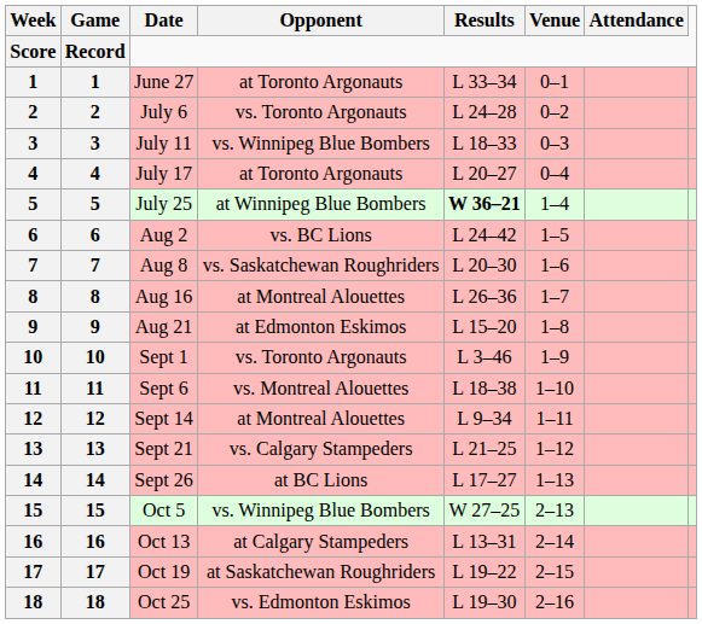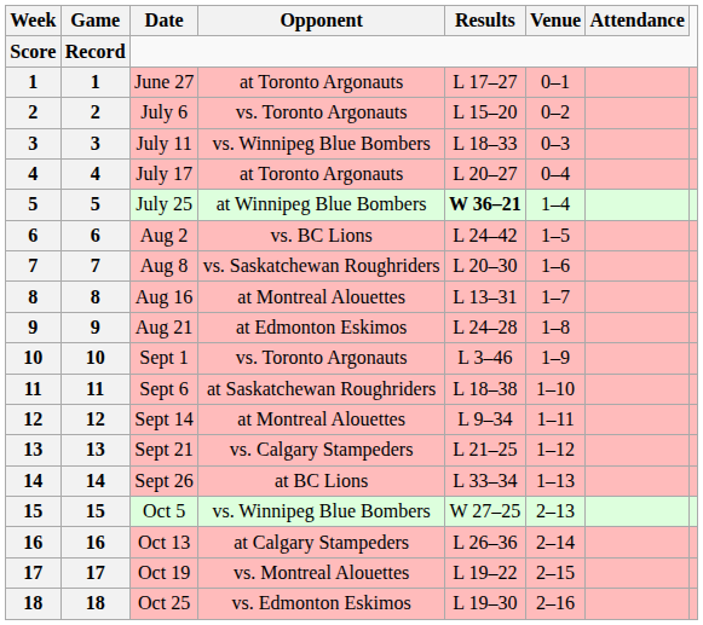 <table class="wikitable" style="text-align:center">
 <tr>
 <th>Week</th>
 <th>Game</th>
 <th>Date</th>
 <th>Opponent</th>
 <th>Results</th>
 <th>Venue</th>
 <th>Attendance</th>
 </tr>
 <tr>
 <th>Score</th>
 <th>Record</th>
 </tr>
 <tr style="background:#ffbbbb">
 <th>1</th>
 <th>1</th>
 <td>June 27</td>
 <td>at Toronto Argonauts</td>
-<td>L 33–34</td>
+<td>L 17–27</td>
 <td>0–1</td>
 <td></td>
 <td></td>
 </tr>
 <tr style="background:#ffbbbb">
 <th>2</th>
 <th>2</th>
 <td>July 6</td>
 <td>vs. Toronto Argonauts</td>
-<td>L 24–28</td>
+<td>L 15–20</td>
 <td>0–2</td>
 <td></td>
 <td></td>
 </tr>
 <tr style="background:#ffbbbb">
 <th>3</th>
 <th>3</th>
 <td>July 11</td>
 <td>vs. Winnipeg Blue Bombers</td>
 <td>L 18–33</td>
 <td>0–3</td>
 <td></td>
 <td></td>
 </tr>
 <tr style="background:#ffbbbb">
 <th>4</th>
 <th>4</th>
 <td>July 17</td>
 <td>at Toronto Argonauts</td>
 <td>L 20–27</td>
 <td>0–4</td>
 <td></td>
 <td></td>
 </tr>
 <tr style="background:#ddffdd">
 <th>5</th>
 <th>5</th>
 <td>July 25</td>
 <td>at Winnipeg Blue Bombers</td>
 <td><strong>W 36–21</strong></td>
 <td>1–4</td>
 <td></td>
 <td></td>
 </tr>
 <tr style="background:#ffbbbb">
 <th>6</th>
 <th>6</th>
 <td>Aug 2</td>
 <td>vs. BC Lions</td>
 <td>L 24–42</td>
 <td>1–5</td>
 <td></td>
 <td></td>
 </tr>
 <tr style="background:#ffbbbb">
 <th>7</th>
 <th>7</th>
 <td>Aug 8</td>
 <td>vs. Saskatchewan Roughriders</td>
 <td>L 20–30</td>
 <td>1–6</td>
 <td></td>
 <td></td>
 </tr>
 <tr style="background:#ffbbbb">
 <th>8</th>
 <th>8</th>
 <td>Aug 16</td>
 <td>at Montreal Alouettes</td>
-<td>L 26–36</td>
+<td>L 13–31</td>
 <td>1–7</td>
 <td></td>
 <td></td>
 </tr>
 <tr style="background:#ffbbbb">
 <th>9</th>
 <th>9</th>
 <td>Aug 21</td>
 <td>at Edmonton Eskimos</td>
-<td>L 15–20</td>
+<td>L 24–28</td>
 <td>1–8</td>
 <td></td>
 <td></td>
 </tr>
 <tr style="background:#ffbbbb">
 <th>10</th>
 <th>10</th>
 <td>Sept 1</td>
 <td>vs. Toronto Argonauts</td>
 <td>L 3–46</td>
 <td>1–9</td>
 <td></td>
 <td></td>
 </tr>
 <tr style="background:#ffbbbb">
 <th>11</th>
 <th>11</th>
 <td>Sept 6</td>
-<td>vs. Montreal Alouettes</td>
+<td>at Saskatchewan Roughriders</td>
 <td>L 18–38</td>
 <td>1–10</td>
 <td></td>
 <td></td>
 </tr>
 <tr style="background:#ffbbbb">
 <th>12</th>
 <th>12</th>
 <td>Sept 14</td>
 <td>at Montreal Alouettes</td>
 <td>L 9–34</td>
 <td>1–11</td>
 <td></td>
 <td></td>
 </tr>
 <tr style="background:#ffbbbb">
 <th>13</th>
 <th>13</th>
 <td>Sept 21</td>
 <td>vs. Calgary Stampeders</td>
 <td>L 21–25</td>
 <td>1–12</td>
 <td></td>
 <td></td>
 </tr>
 <tr style="background:#ffbbbb">
 <th>14</th>
 <th>14</th>
 <td>Sept 26</td>
 <td>at BC Lions</td>
-<td>L 17–27</td>
+<td>L 33–34</td>
 <td>1–13</td>
 <td></td>
 <td></td>
 </tr>
 <tr style="background:#ddffdd">
 <th>15</th>
 <th>15</th>
 <td>Oct 5</td>
 <td>vs. Winnipeg Blue Bombers</td>
 <td>W 27–25</td>
 <td>2–13</td>
 <td></td>
 <td></td>
 </tr>
 <tr style="background:#ffbbbb">
 <th>16</th>
 <th>16</th>
 <td>Oct 13</td>
 <td>at Calgary Stampeders</td>
-<td>L 13–31</td>
+<td>L 26–36</td>
 <td>2–14</td>
 <td></td>
 <td></td>
 </tr>
 <tr style="background:#ffbbbb">
 <th>17</th>
 <th>17</th>
 <td>Oct 19</td>
-<td>at Saskatchewan Roughriders</td>
+<td>vs. Montreal Alouettes</td>
 <td>L 19–22</td>
 <td>2–15</td>
 <td></td>
 <td></td>
 </tr>
 <tr style="background:#ffbbbb">
 <th>18</th>
 <th>18</th>
 <td>Oct 25</td>
 <td>vs. Edmonton Eskimos</td>
 <td>L 19–30</td>
 <td>2–16</td>
 <td></td>
 <td></td>
 </tr>
 </table>
